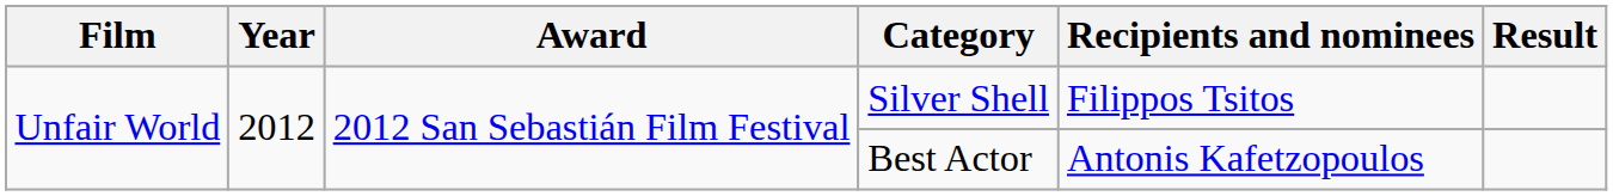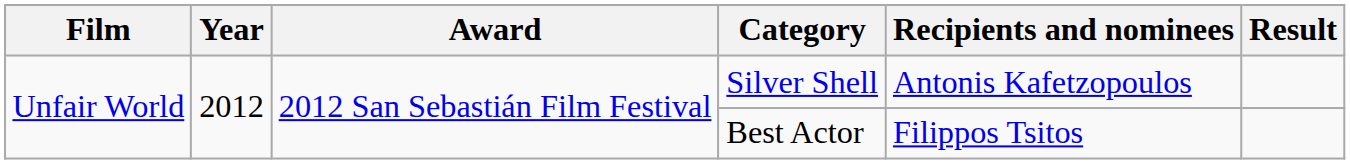 <table class="wikitable">
 <tr>
 <th>Film</th>
 <th>Year</th>
 <th>Award</th>
 <th>Category</th>
 <th>Recipients and nominees</th>
 <th>Result</th>
 </tr>
 <tr>
 <td rowspan="2"><a href='#'>Unfair World</a></td>
 <td rowspan="2">2012</td>
 <td rowspan="2"><a href='#'>2012 San Sebastián Film Festival</a></td>
 <td><a href='#'>Silver Shell</a></td>
-<td><a href='#'>Filippos Tsitos</a></td>
+<td><a href='#'>Antonis Kafetzopoulos</a></td>
 <td></td>
 </tr>
 <tr>
 <td>Best Actor</td>
-<td><a href='#'>Antonis Kafetzopoulos</a></td>
+<td><a href='#'>Filippos Tsitos</a></td>
 <td></td>
 </tr>
 </table>
